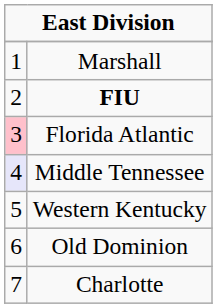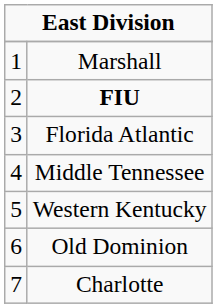 <table class="wikitable">
 <tr align="center">
 <td align="center" Colspan="2"><strong>East Division</strong></td>
 </tr>
 <tr align="center">
 </tr>
 <tr align="center">
 <td>1</td>
 <td>Marshall</td>
 </tr>
 <tr align="center">
 <td>2</td>
 <td><strong>FIU</strong></td>
 </tr>
 <tr align="center">
-<td style="background: pink;">3</td>
+<td>3</td>
 <td>Florida Atlantic</td>
 </tr>
 <tr align="center">
-<td style="background: lavender;">4</td>
+<td>4</td>
 <td>Middle Tennessee</td>
 </tr>
 <tr align="center">
 <td>5</td>
 <td>Western Kentucky</td>
 </tr>
 <tr align="center">
 <td>6</td>
 <td>Old Dominion</td>
 </tr>
 <tr align="center">
 <td>7</td>
 <td>Charlotte</td>
 </tr>
 </table>
